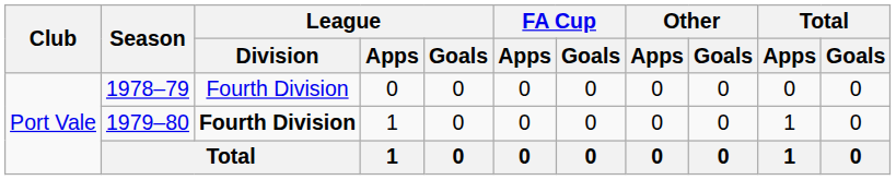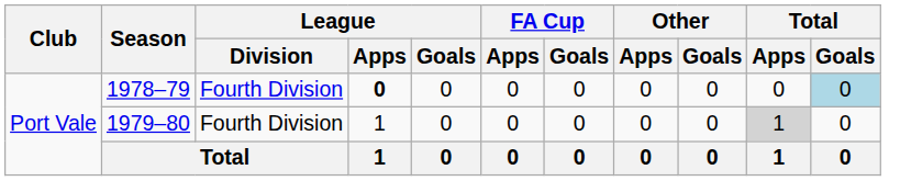 <table class="wikitable" style="text-align:center">
 <tr>
 <th rowspan="2">Club</th>
 <th rowspan="2">Season</th>
 <th colspan="3">League</th>
 <th colspan="2"><a href='#'>FA Cup</a></th>
 <th colspan="2">Other</th>
 <th colspan="2">Total</th>
 </tr>
 <tr>
 <th>Division</th>
 <th>Apps</th>
 <th>Goals</th>
 <th>Apps</th>
 <th>Goals</th>
 <th>Apps</th>
 <th>Goals</th>
 <th>Apps</th>
 <th>Goals</th>
 </tr>
 <tr>
 <td rowspan="3"><a href='#'>Port Vale</a></td>
 <td><a href='#'>1978–79</a></td>
 <td><a href='#'>Fourth Division</a></td>
+<td><strong>0</strong></td>
 <td>0</td>
 <td>0</td>
 <td>0</td>
 <td>0</td>
 <td>0</td>
 <td>0</td>
-<td>0</td>
-<td>0</td>
+<td style="background: lightblue;">0</td>
 </tr>
 <tr>
 <td><a href='#'>1979–80</a></td>
-<td><strong>Fourth Division</strong></td>
+<td>Fourth Division</td>
 <td>1</td>
 <td>0</td>
 <td>0</td>
 <td>0</td>
 <td>0</td>
 <td>0</td>
-<td>1</td>
+<td style="background: lightgrey;">1</td>
 <td>0</td>
 </tr>
 <tr>
 <th colspan="2">Total</th>
 <th>1</th>
 <th>0</th>
 <th>0</th>
 <th>0</th>
 <th>0</th>
 <th>0</th>
 <th>1</th>
 <th>0</th>
 </tr>
 </table>
